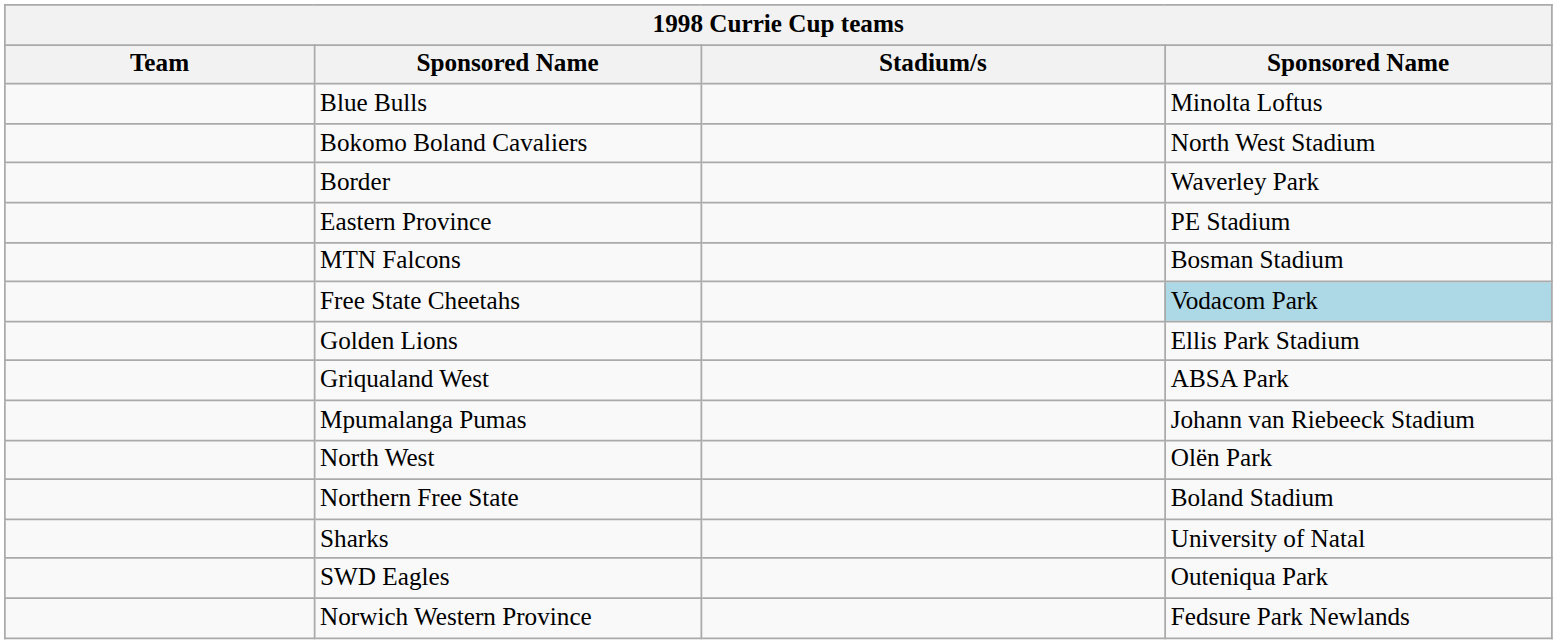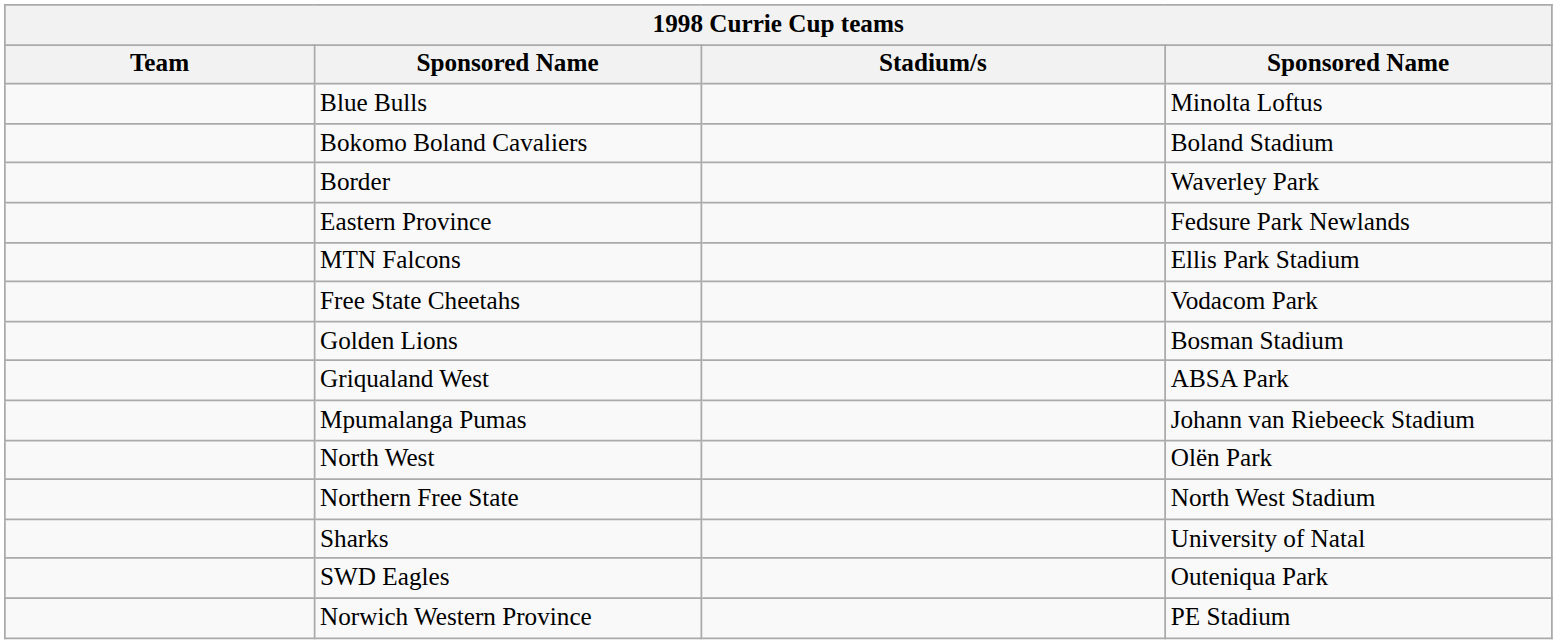 <table class="wikitable sortable" style="text-align:left; line-height:110%; font-size:90%; width:70%;">
 <tr>
 <th colspan="100%" align=center>1998 Currie Cup teams</th>
 </tr>
 <tr>
 <th width="20%">Team</th>
 <th width="25%">Sponsored Name</th>
 <th width="30%">Stadium/s</th>
 <th width="25%">Sponsored Name</th>
 </tr>
 <tr>
 <td></td>
 <td>Blue Bulls</td>
 <td></td>
 <td>Minolta Loftus</td>
 </tr>
 <tr>
 <td></td>
 <td>Bokomo Boland Cavaliers</td>
 <td></td>
-<td>North West Stadium</td>
+<td>Boland Stadium</td>
 </tr>
 <tr>
 <td></td>
 <td>Border</td>
 <td></td>
 <td>Waverley Park</td>
 </tr>
 <tr>
 <td></td>
 <td>Eastern Province</td>
 <td></td>
-<td>PE Stadium</td>
+<td>Fedsure Park Newlands</td>
 </tr>
 <tr>
 <td></td>
 <td>MTN Falcons</td>
 <td></td>
-<td>Bosman Stadium</td>
+<td>Ellis Park Stadium</td>
 </tr>
 <tr>
 <td></td>
 <td>Free State Cheetahs</td>
 <td></td>
-<td style="background: lightblue;">Vodacom Park</td>
+<td>Vodacom Park</td>
 </tr>
 <tr>
 <td></td>
 <td>Golden Lions</td>
 <td></td>
-<td>Ellis Park Stadium</td>
+<td>Bosman Stadium</td>
 </tr>
 <tr>
 <td></td>
 <td>Griqualand West</td>
 <td></td>
 <td>ABSA Park</td>
 </tr>
 <tr>
 <td></td>
 <td>Mpumalanga Pumas</td>
 <td></td>
 <td>Johann van Riebeeck Stadium</td>
 </tr>
 <tr>
 <td></td>
 <td>North West</td>
 <td></td>
 <td>Olën Park</td>
 </tr>
 <tr>
 <td></td>
 <td>Northern Free State</td>
 <td></td>
-<td>Boland Stadium</td>
+<td>North West Stadium</td>
 </tr>
 <tr>
 <td></td>
 <td>Sharks</td>
 <td></td>
 <td>University of Natal</td>
 </tr>
 <tr>
 <td></td>
 <td>SWD Eagles</td>
 <td></td>
 <td>Outeniqua Park</td>
 </tr>
 <tr>
 <td></td>
 <td>Norwich Western Province</td>
 <td></td>
-<td>Fedsure Park Newlands</td>
+<td>PE Stadium</td>
 </tr>
 </table>
